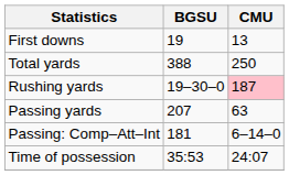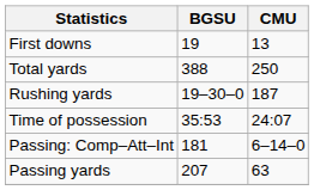 <table class="wikitable" style="float: left;">
 <tr>
 <th>Statistics</th>
 <th>BGSU</th>
 <th>CMU</th>
 </tr>
 <tr>
 <td>First downs</td>
 <td>19</td>
 <td>13</td>
 </tr>
 <tr>
 <td>Total yards</td>
 <td>388</td>
 <td>250</td>
 </tr>
 <tr>
 <td>Rushing yards</td>
 <td>19–30–0</td>
-<td style="background: pink;">187</td>
+<td>187</td>
+</tr>
+<tr>
+<td>Time of possession</td>
+<td>35:53</td>
+<td>24:07</td>
+</tr>
+<tr>
+<td>Passing: Comp–Att–Int</td>
+<td>181</td>
+<td>6–14–0</td>
 </tr>
 <tr>
 <td>Passing yards</td>
 <td>207</td>
 <td>63</td>
 </tr>
 <tr>
-<td>Passing: Comp–Att–Int</td>
-<td>181</td>
-<td>6–14–0</td>
-</tr>
-<tr>
-<td>Time of possession</td>
-<td>35:53</td>
-<td>24:07</td>
-</tr>
-<tr>
 </tr>
 </table>
